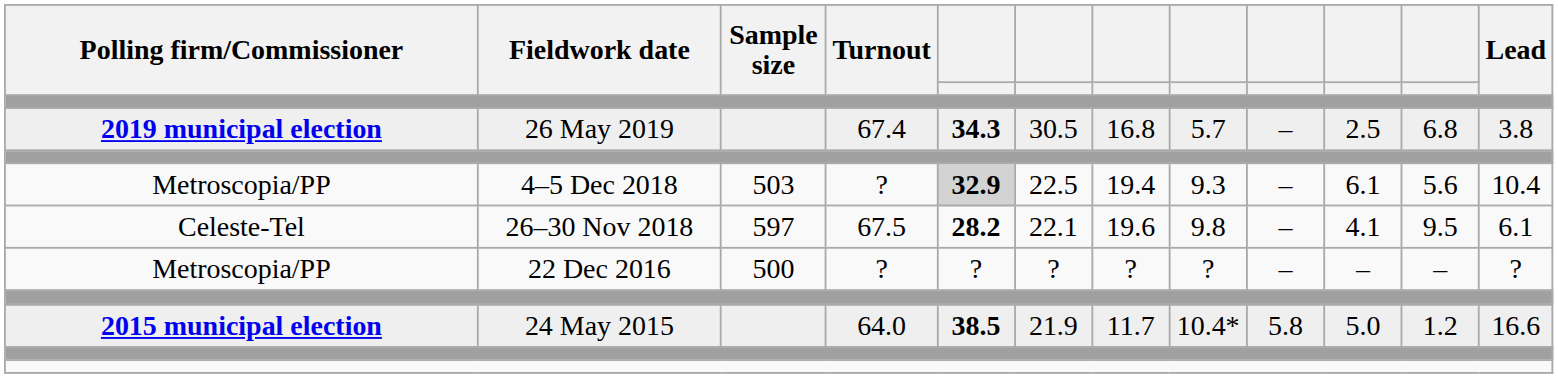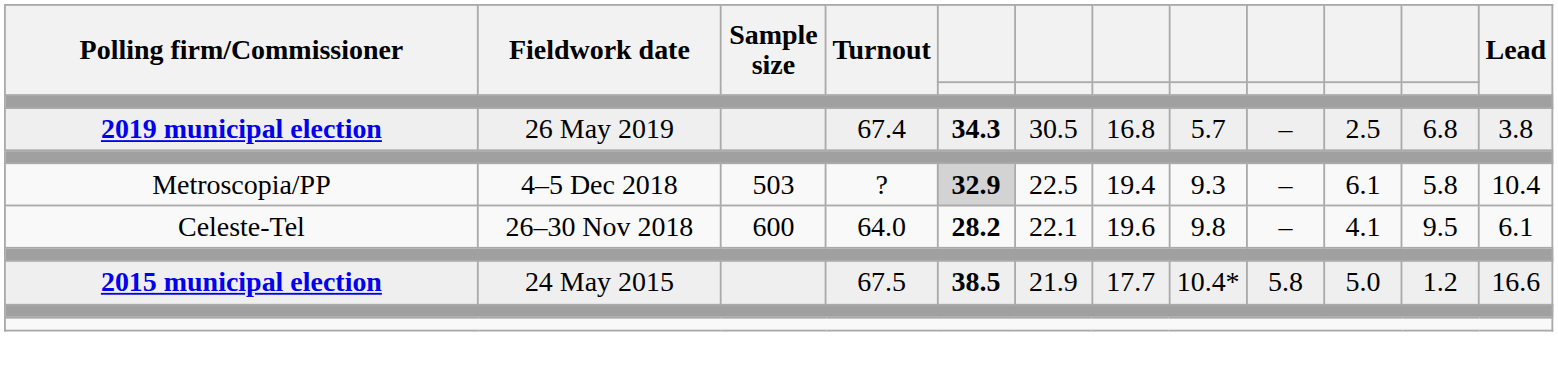 <table class="wikitable collapsible collapsed" style="text-align:center; font-size:95%; line-height:16px;">
 <tr style="height:42px;">
 <th style="width:250px;" rowspan="2">Polling firm/Commissioner</th>
 <th style="width:125px;" rowspan="2">Fieldwork date</th>
 <th style="width:50px;" rowspan="2">Sample size</th>
 <th style="width:45px;" rowspan="2">Turnout</th>
 <th style="width:35px;"></th>
 <th style="width:35px;"></th>
 <th style="width:35px;"></th>
 <th style="width:35px;"></th>
 <th style="width:35px;"></th>
 <th style="width:35px;"></th>
 <th style="width:35px;"></th>
 <th style="width:30px;" rowspan="2">Lead</th>
 </tr>
 <tr>
 <th style="color:inherit;background:"></th>
 <th style="color:inherit;background:"></th>
 <th style="color:inherit;background:"></th>
 <th style="color:inherit;background:"></th>
 <th style="color:inherit;background:"></th>
 <th style="color:inherit;background:"></th>
 <th style="color:inherit;background:"></th>
 </tr>
 <tr>
 <td colspan="12" style="background:#A0A0A0"></td>
 </tr>
 <tr style="background:#EFEFEF;">
 <td><strong><a href='#'>2019 municipal election</a></strong></td>
 <td>26 May 2019</td>
 <td></td>
 <td>67.4</td>
 <td><strong>34.3</strong><br></td>
 <td>30.5<br></td>
 <td>16.8<br></td>
 <td>5.7<br></td>
 <td>–</td>
 <td>2.5<br></td>
 <td>6.8<br></td>
 <td style="background:">3.8</td>
 </tr>
 <tr>
 <td colspan="12" style="background:#A0A0A0"></td>
 </tr>
 <tr>
 <td>Metroscopia/PP</td>
 <td>4–5 Dec 2018</td>
 <td>503</td>
 <td>?</td>
 <td style="background: lightgrey;"><strong>32.9</strong><br></td>
 <td>22.5<br></td>
 <td>19.4<br></td>
 <td>9.3<br></td>
 <td>–</td>
 <td>6.1<br></td>
-<td>5.6<br></td>
+<td>5.8<br></td>
 <td style="background:">10.4</td>
 </tr>
 <tr>
 <td>Celeste-Tel</td>
 <td>26–30 Nov 2018</td>
-<td>597</td>
-<td>67.5</td>
+<td>600</td>
+<td>64.0</td>
 <td><strong>28.2</strong><br></td>
 <td>22.1<br></td>
 <td>19.6<br></td>
 <td>9.8<br></td>
 <td>–</td>
 <td>4.1<br></td>
 <td>9.5<br></td>
 <td style="background:">6.1</td>
 </tr>
 <tr>
-<td>Metroscopia/PP</td>
-<td>22 Dec 2016</td>
-<td>500</td>
-<td>?</td>
-<td>?<br></td>
-<td>?<br></td>
-<td>?<br></td>
-<td>?<br></td>
-<td>–</td>
-<td>–</td>
-<td>–</td>
-<td style="background:">?</td>
-</tr>
-<tr>
 <td colspan="12" style="background:#A0A0A0"></td>
 </tr>
 <tr style="background:#EFEFEF;">
 <td><strong><a href='#'>2015 municipal election</a></strong></td>
 <td>24 May 2015</td>
 <td></td>
-<td>64.0</td>
+<td>67.5</td>
 <td><strong>38.5</strong><br></td>
 <td>21.9<br></td>
-<td>11.7<br></td>
+<td>17.7<br></td>
 <td>10.4*<br></td>
 <td>5.8<br></td>
 <td>5.0<br></td>
 <td>1.2<br></td>
 <td style="background:">16.6</td>
 </tr>
 <tr>
 <td colspan="12" style="background:#A0A0A0"></td>
 </tr>
 <tr>
 <td align="left" colspan="12"></td>
 </tr>
 </table>
